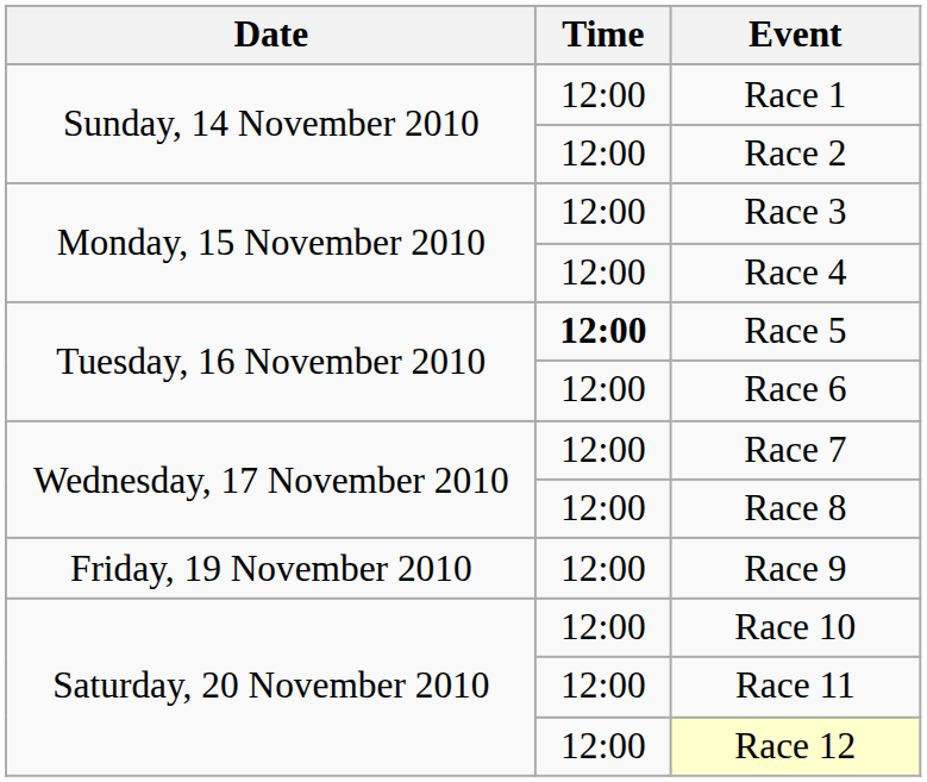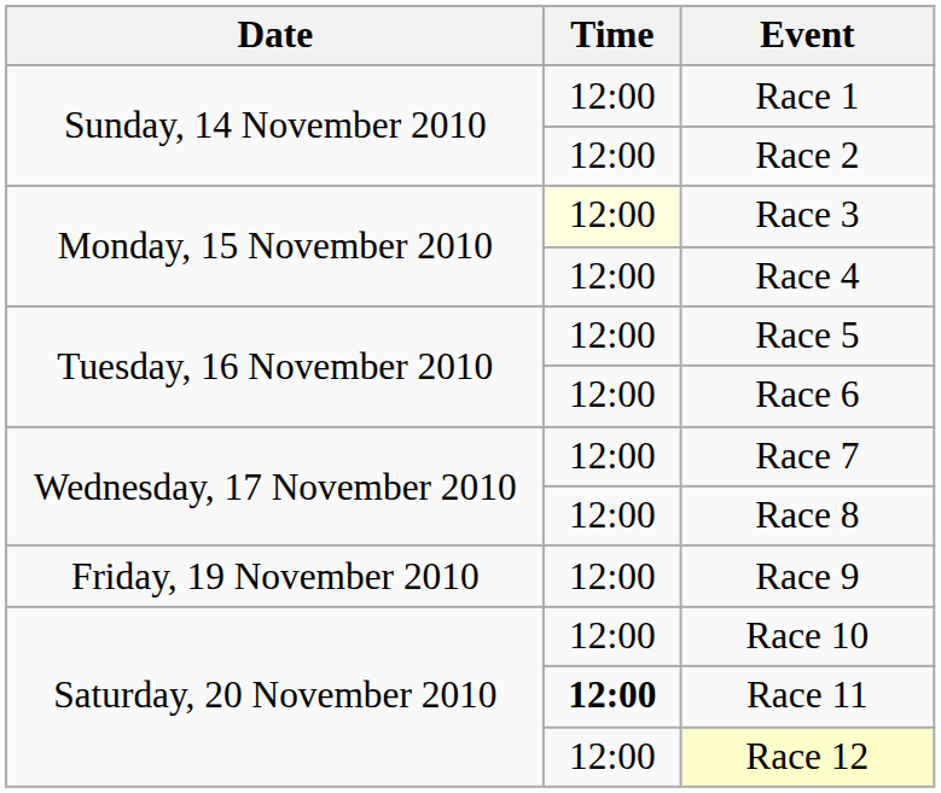 <table class = "wikitable" style="text-align:center;">
 <tr>
 <th width=220>Date</th>
 <th width=50>Time</th>
 <th width=100>Event</th>
 </tr>
 <tr>
 <td rowspan=2>Sunday, 14 November 2010</td>
 <td>12:00</td>
 <td>Race 1</td>
 </tr>
 <tr>
 <td>12:00</td>
 <td>Race 2</td>
 </tr>
 <tr>
 <td rowspan=2>Monday, 15 November 2010</td>
-<td>12:00</td>
+<td style="background: lightyellow;">12:00</td>
 <td>Race 3</td>
 </tr>
 <tr>
 <td>12:00</td>
 <td>Race 4</td>
 </tr>
 <tr>
 <td rowspan=2>Tuesday, 16 November 2010</td>
-<td><strong>12:00</strong></td>
+<td>12:00</td>
 <td>Race 5</td>
 </tr>
 <tr>
 <td>12:00</td>
 <td>Race 6</td>
 </tr>
 <tr>
 <td rowspan=2>Wednesday, 17 November 2010</td>
 <td>12:00</td>
 <td>Race 7</td>
 </tr>
 <tr>
 <td>12:00</td>
 <td>Race 8</td>
 </tr>
 <tr>
 <td>Friday, 19 November 2010</td>
 <td>12:00</td>
 <td>Race 9</td>
 </tr>
 <tr>
 <td rowspan=3>Saturday, 20 November 2010</td>
 <td>12:00</td>
 <td>Race 10</td>
 </tr>
 <tr>
-<td>12:00</td>
+<td><strong>12:00</strong></td>
 <td>Race 11</td>
 </tr>
 <tr>
 <td>12:00</td>
 <td bgcolor=ffffcc>Race 12</td>
 </tr>
 </table>
